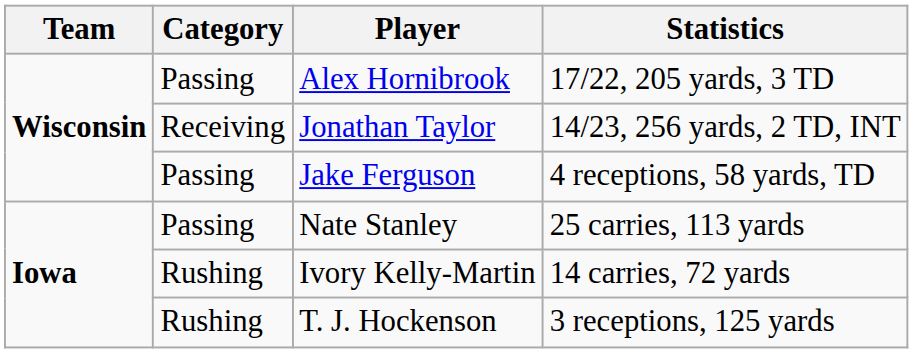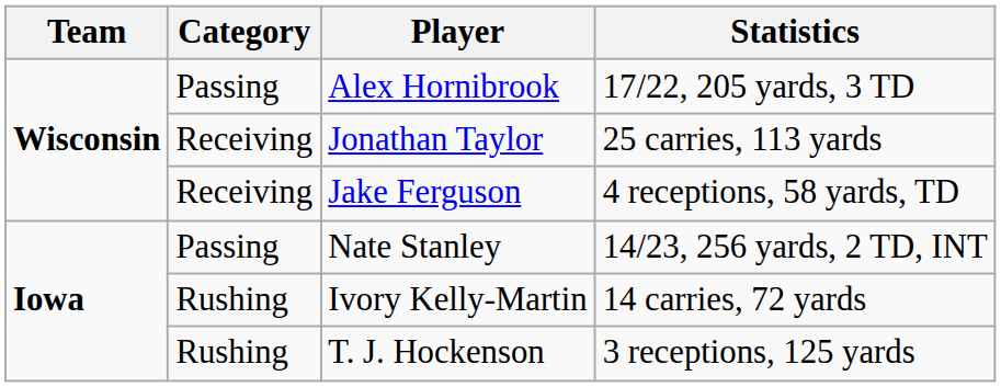 <table class="wikitable" style="float: left;">
 <tr>
 <th>Team</th>
 <th>Category</th>
 <th>Player</th>
 <th>Statistics</th>
 </tr>
 <tr>
 <td rowspan=3><strong>Wisconsin</strong></td>
 <td>Passing</td>
 <td><a href='#'>Alex Hornibrook</a></td>
 <td>17/22, 205 yards, 3 TD</td>
 </tr>
 <tr>
 <td>Receiving</td>
 <td><a href='#'>Jonathan Taylor</a></td>
-<td>14/23, 256 yards, 2 TD, INT</td>
+<td>25 carries, 113 yards</td>
 </tr>
 <tr>
-<td>Passing</td>
+<td>Receiving</td>
 <td><a href='#'>Jake Ferguson</a></td>
 <td>4 receptions, 58 yards, TD</td>
 </tr>
 <tr>
 <td rowspan=3><strong>Iowa</strong></td>
 <td>Passing</td>
 <td>Nate Stanley</td>
-<td>25 carries, 113 yards</td>
+<td>14/23, 256 yards, 2 TD, INT</td>
 </tr>
 <tr>
 <td>Rushing</td>
 <td>Ivory Kelly-Martin</td>
 <td>14 carries, 72 yards</td>
 </tr>
 <tr>
 <td>Rushing</td>
 <td>T. J. Hockenson</td>
 <td>3 receptions, 125 yards</td>
 </tr>
 </table>
